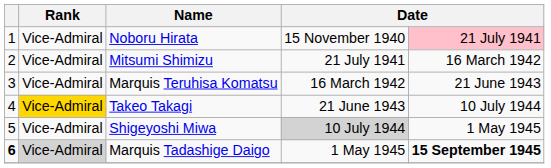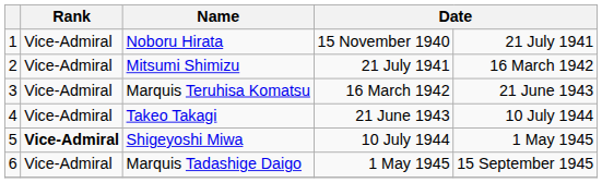 <table class=wikitable>
 <tr>
 <th></th>
 <th>Rank</th>
 <th>Name</th>
 <th colspan="2">Date</th>
 </tr>
 <tr>
 <td>1</td>
 <td>Vice-Admiral</td>
 <td><a href='#'>Noboru Hirata</a></td>
 <td align="right">15 November 1940</td>
-<td align="right" style="background: pink;">21 July 1941</td>
+<td align="right">21 July 1941</td>
 </tr>
 <tr>
 <td>2</td>
 <td>Vice-Admiral</td>
 <td><a href='#'>Mitsumi Shimizu</a></td>
 <td align="right">21 July 1941</td>
 <td align="right">16 March 1942</td>
 </tr>
 <tr>
 <td>3</td>
 <td>Vice-Admiral</td>
 <td>Marquis <a href='#'>Teruhisa Komatsu</a></td>
 <td align="right">16 March 1942</td>
 <td align="right">21 June 1943</td>
 </tr>
 <tr>
 <td>4</td>
-<td style="background: gold;">Vice-Admiral</td>
+<td>Vice-Admiral</td>
 <td><a href='#'>Takeo Takagi</a></td>
 <td align="right">21 June 1943</td>
 <td align="right">10 July 1944</td>
 </tr>
 <tr>
 <td>5</td>
-<td>Vice-Admiral</td>
+<td><strong>Vice-Admiral</strong></td>
 <td><a href='#'>Shigeyoshi Miwa</a></td>
-<td align="right" style="background: lightgrey;">10 July 1944</td>
+<td align="right">10 July 1944</td>
 <td align="right">1 May 1945</td>
 </tr>
 <tr>
-<td><strong>6</strong></td>
-<td style="background: lightgrey;">Vice-Admiral</td>
+<td>6</td>
+<td>Vice-Admiral</td>
 <td>Marquis <a href='#'>Tadashige Daigo</a></td>
 <td align="right">1 May 1945</td>
-<td align="right"><strong>15 September 1945</strong></td>
+<td align="right">15 September 1945</td>
 </tr>
 <tr>
 </tr>
 </table>
